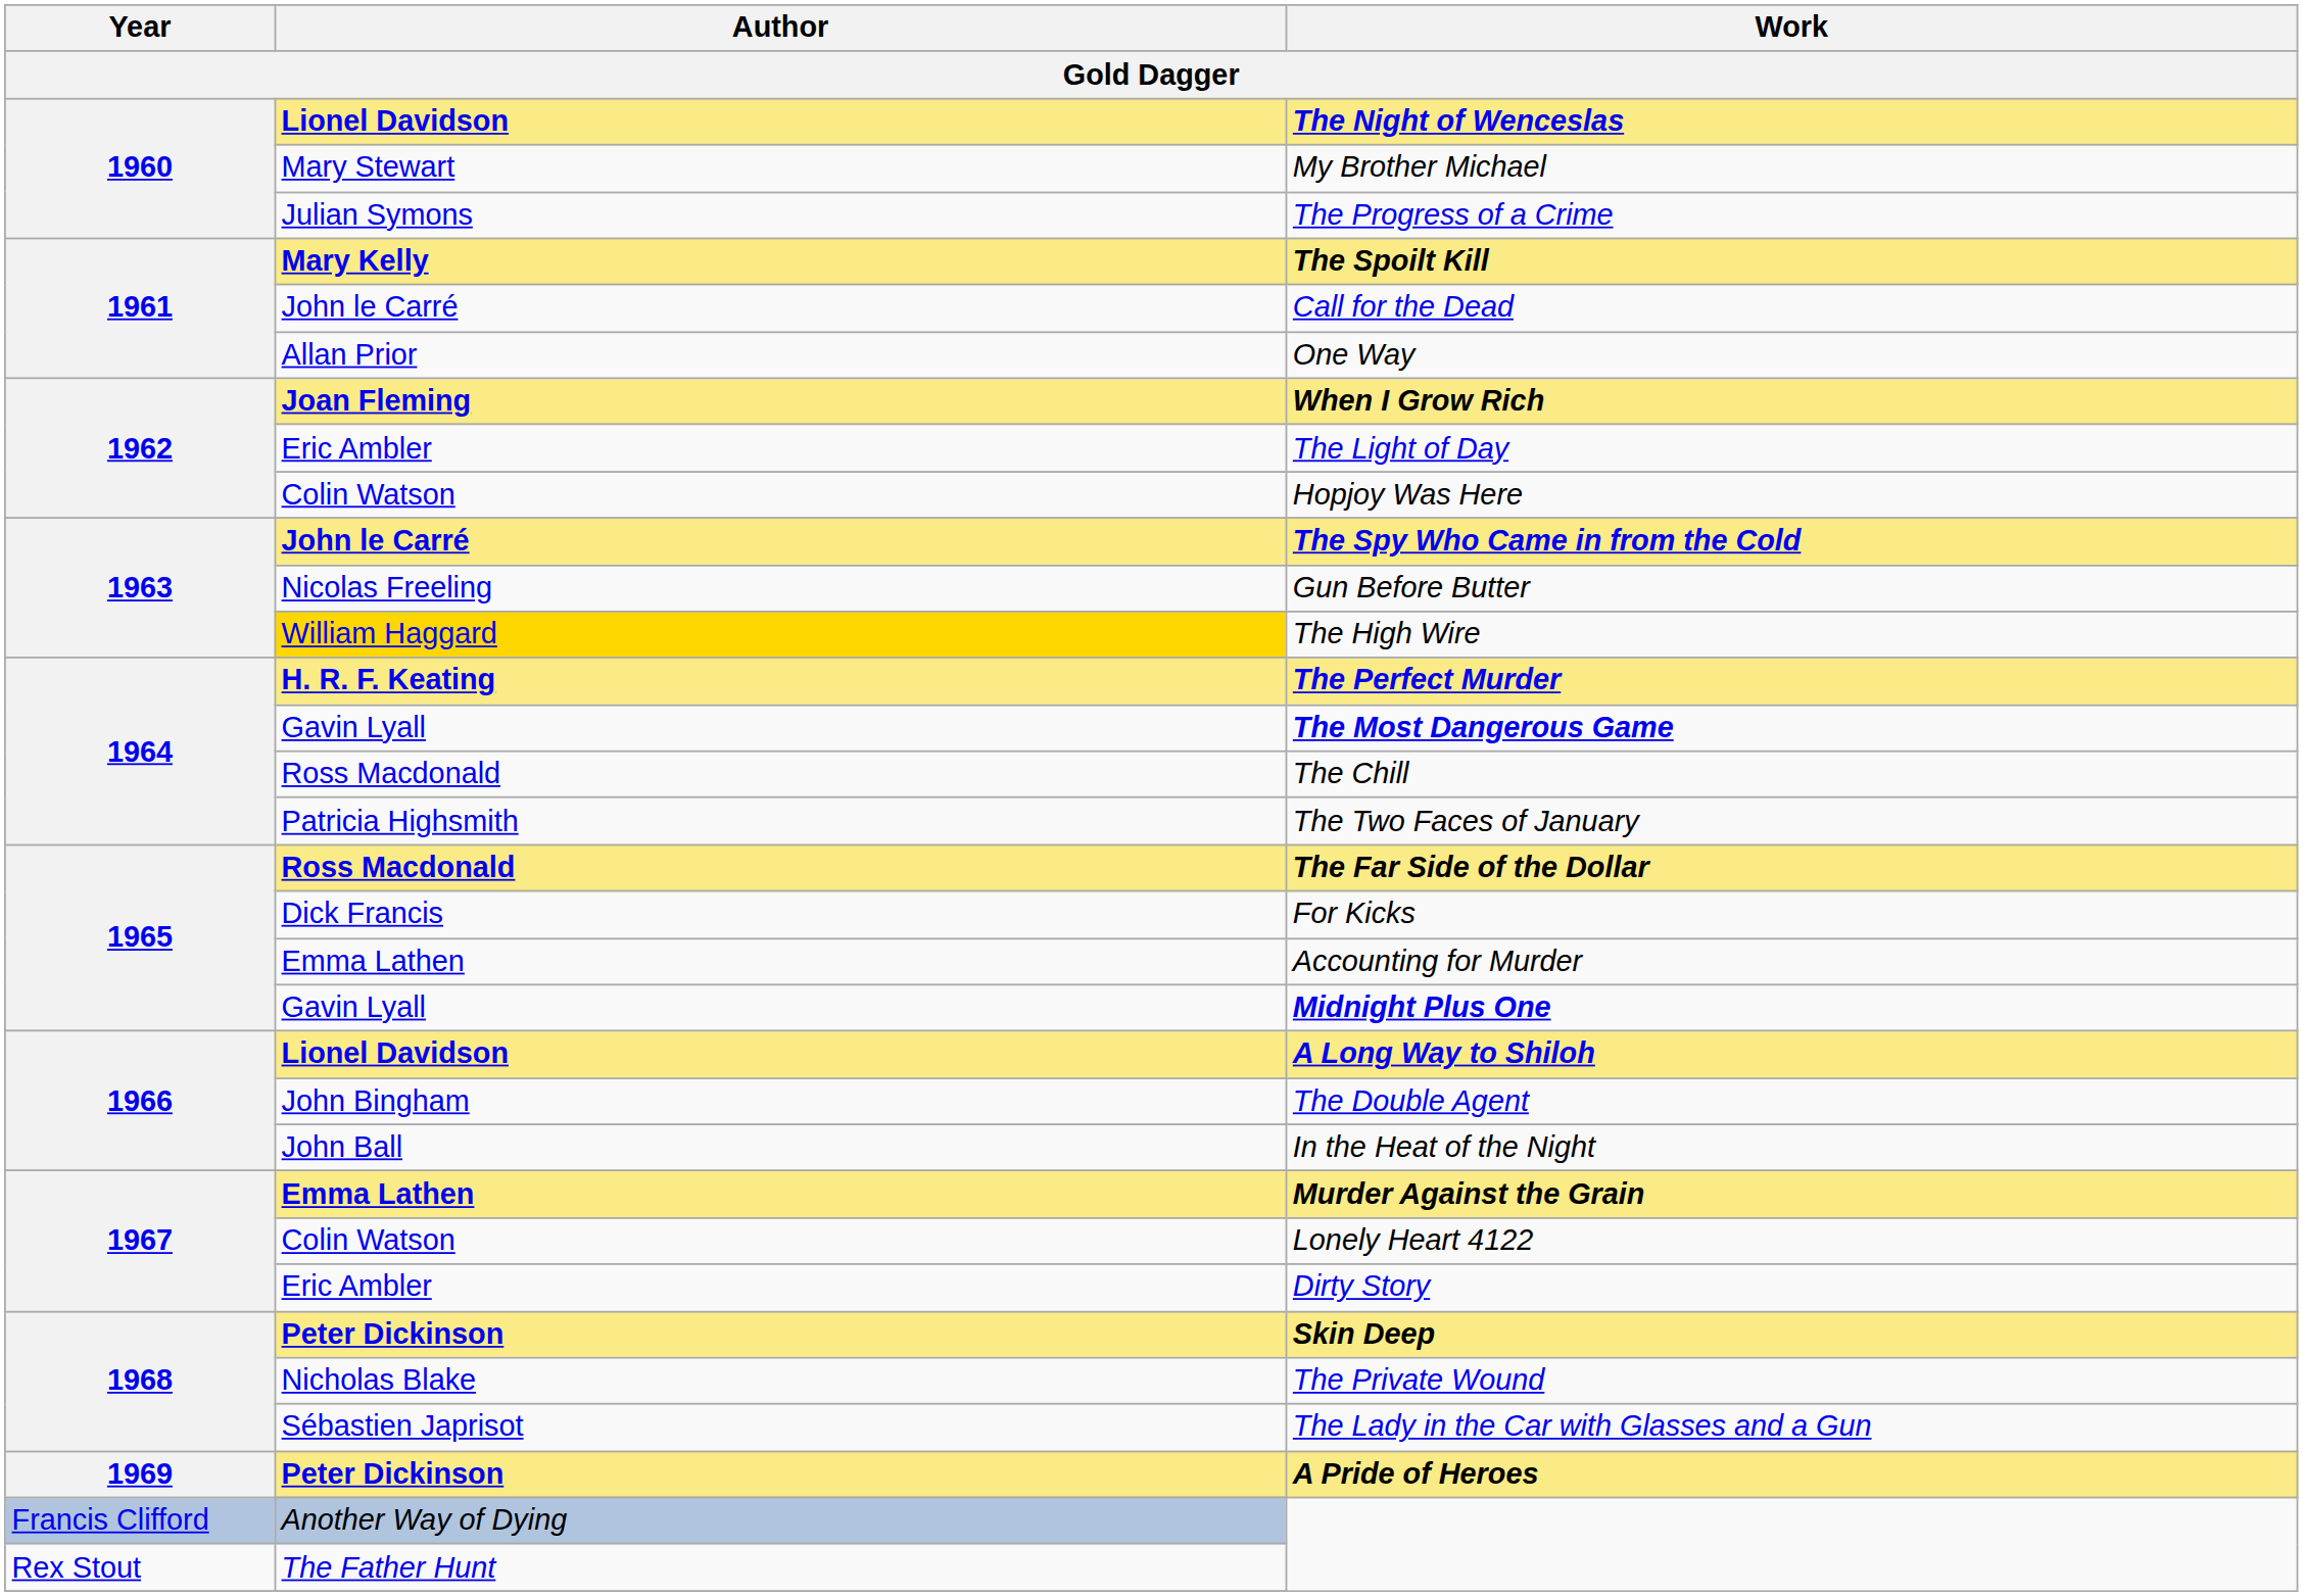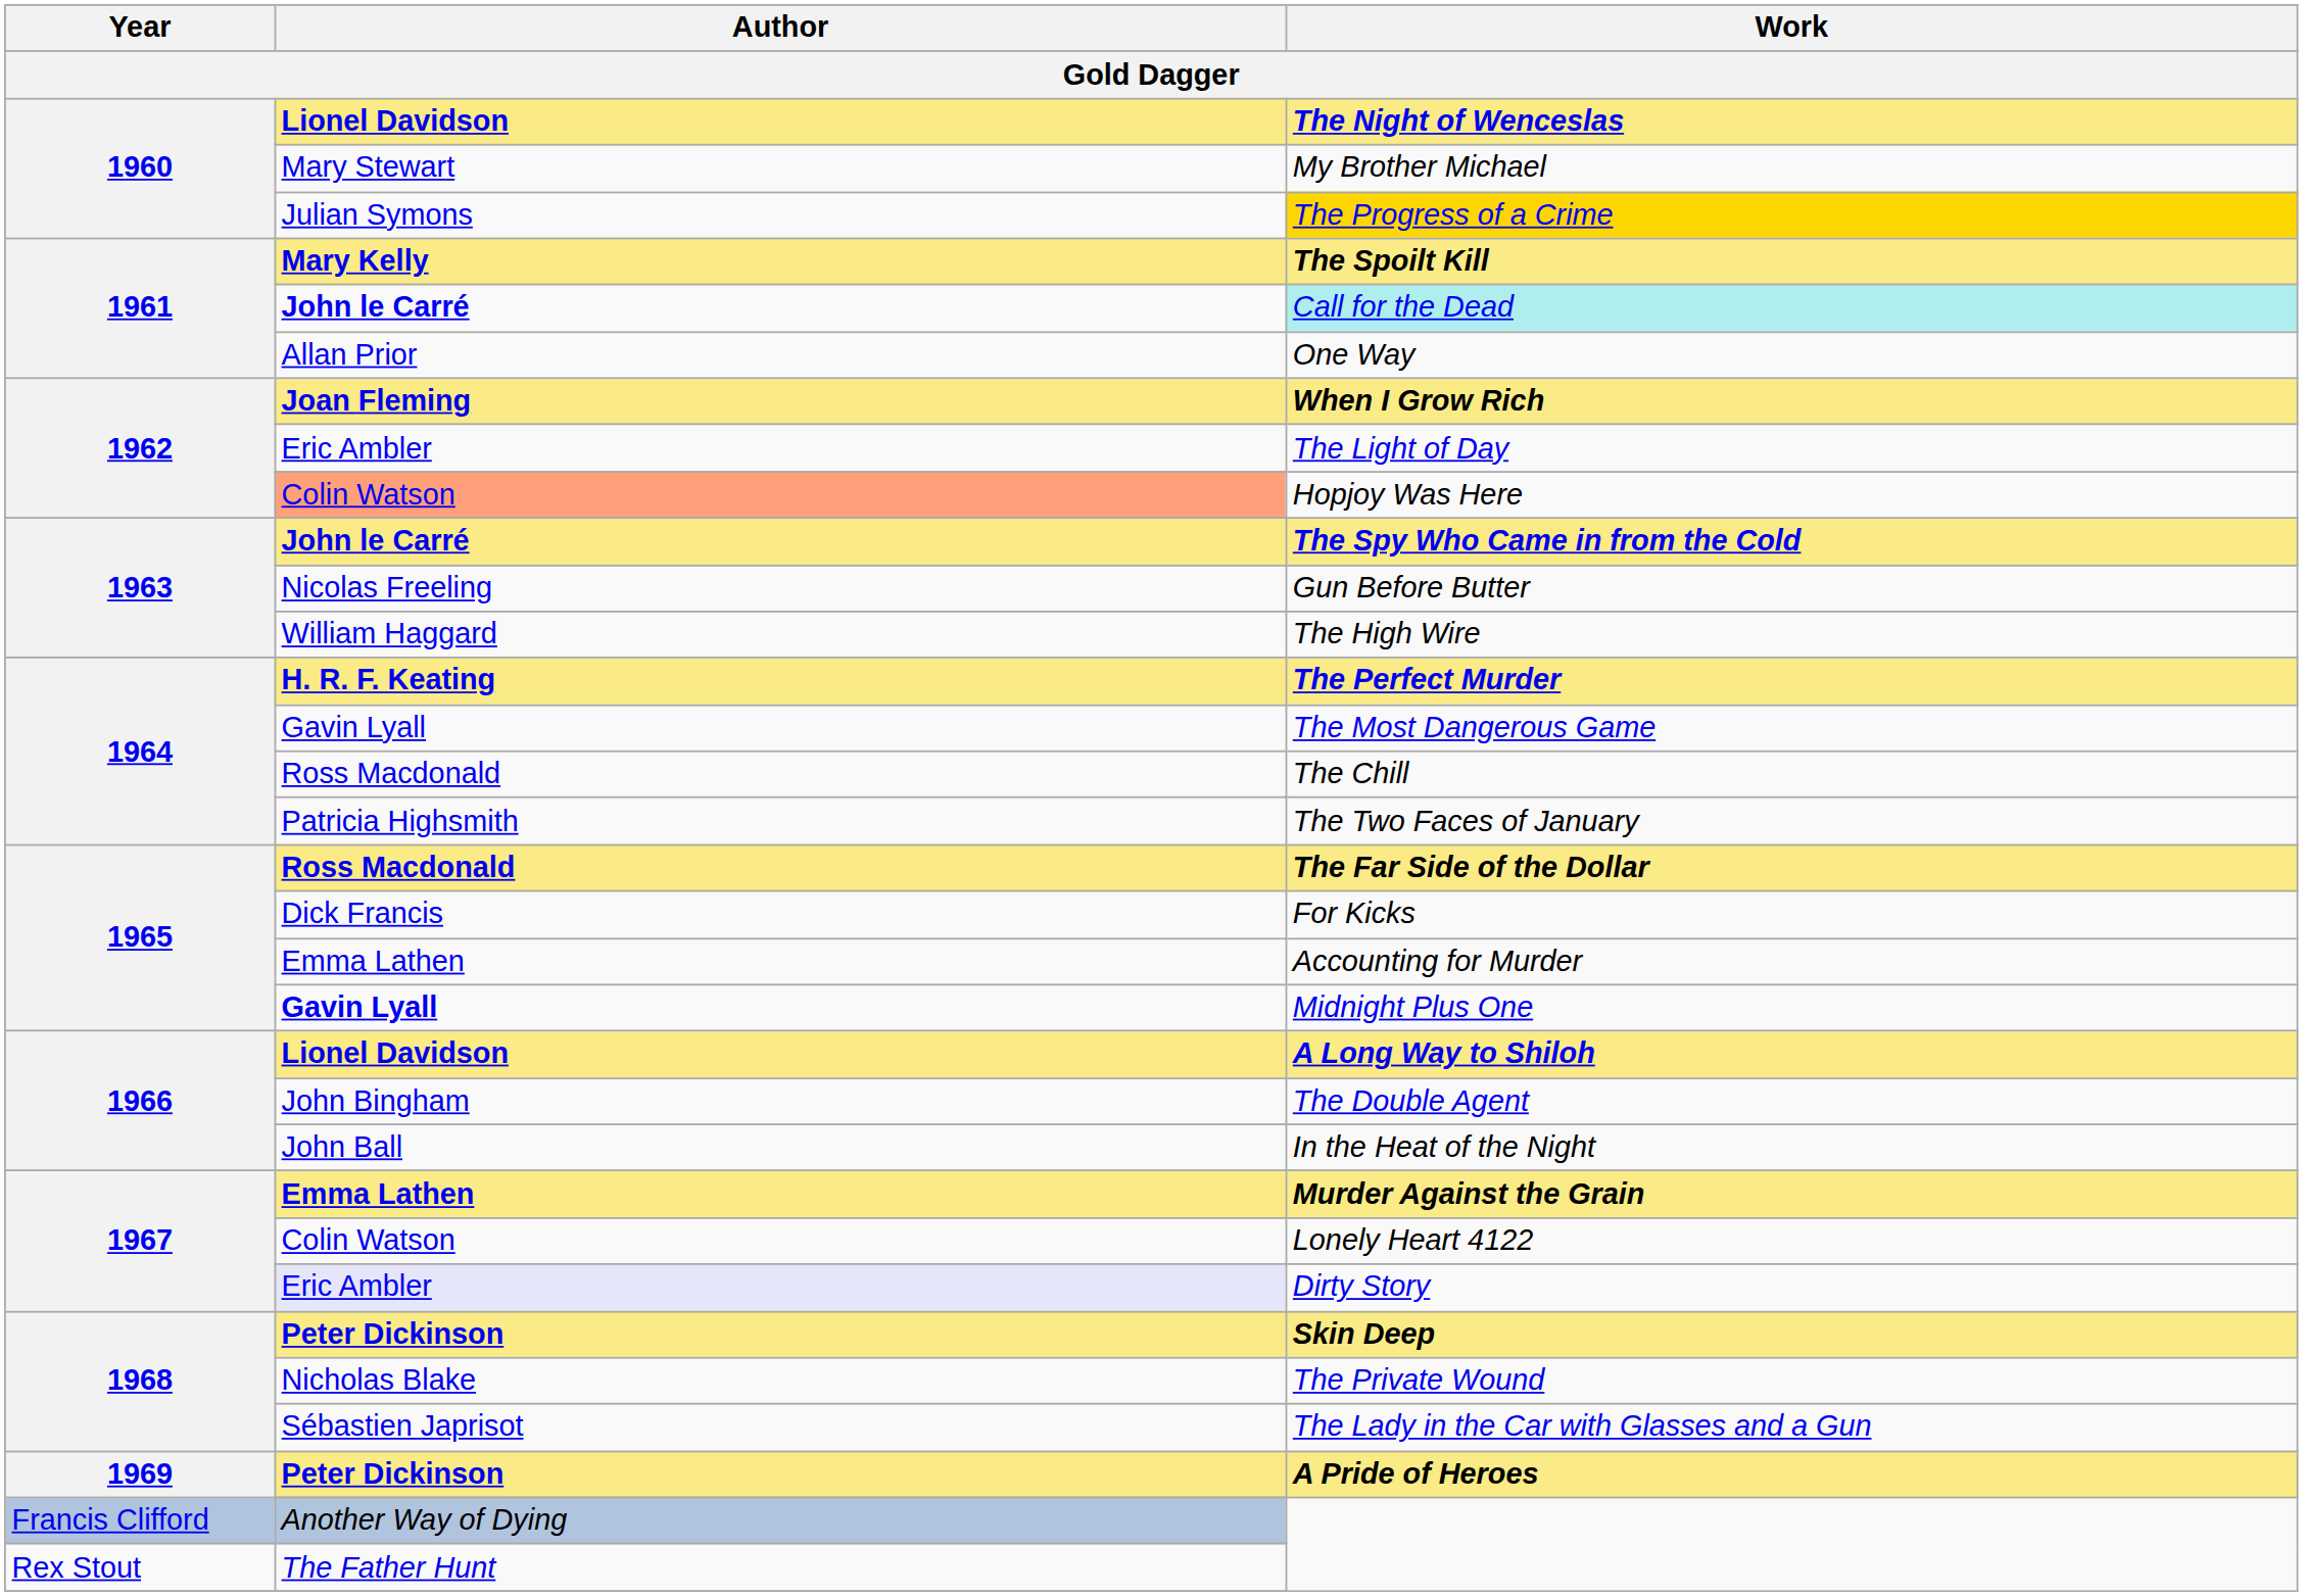 <table class="wikitable sortable" style="text-align:left;">
 <tr>
 <th scope="col" style="width:8%;">Year</th>
 <th scope="col" style="width:30%;">Author</th>
 <th scope="col" style="width:30%;">Work</th>
 </tr>
 <tr>
 <th colspan=3>Gold Dagger</th>
 </tr>
 <tr>
 <th scope="row" rowspan=3 style="text-align:center"><a href='#'>1960</a></th>
 <td style="background:#FAEB86;"><strong><a href='#'>Lionel Davidson</a> </strong></td>
 <td style="background:#FAEB86;"><strong><em><a href='#'>The Night of Wenceslas</a></em></strong></td>
 </tr>
 <tr>
 <td><a href='#'>Mary Stewart</a></td>
 <td><em>My Brother Michael</em></td>
 </tr>
 <tr>
 <td><a href='#'>Julian Symons</a></td>
-<td><em><a href='#'>The Progress of a Crime</a></em></td>
+<td style="background: gold;"><em><a href='#'>The Progress of a Crime</a></em></td>
 </tr>
 <tr>
 <th scope="row" rowspan=3 style="text-align:center"><a href='#'>1961</a></th>
 <td style="background:#FAEB86;"><strong><a href='#'>Mary Kelly</a> </strong></td>
 <td style="background:#FAEB86;"><strong><em>The Spoilt Kill</em></strong></td>
 </tr>
 <tr>
-<td><a href='#'>John le Carré</a></td>
-<td><em><a href='#'>Call for the Dead</a></em></td>
+<td><strong><a href='#'>John le Carré</a></strong></td>
+<td style="background: paleturquoise;"><em><a href='#'>Call for the Dead</a></em></td>
 </tr>
 <tr>
 <td><a href='#'>Allan Prior</a></td>
 <td><em>One Way</em></td>
 </tr>
 <tr>
 <th scope="row" rowspan=3 style="text-align:center"><a href='#'>1962</a></th>
 <td style="background:#FAEB86;"><strong><a href='#'>Joan Fleming</a> </strong></td>
 <td style="background:#FAEB86;"><strong><em>When I Grow Rich</em></strong></td>
 </tr>
 <tr>
 <td><a href='#'>Eric Ambler</a></td>
 <td><em><a href='#'>The Light of Day</a></em></td>
 </tr>
 <tr>
-<td><a href='#'>Colin Watson</a></td>
+<td style="background: lightsalmon;"><a href='#'>Colin Watson</a></td>
 <td><em>Hopjoy Was Here</em></td>
 </tr>
 <tr>
 <th scope="row" rowspan=3 style="text-align:center"><a href='#'>1963</a></th>
 <td style="background:#FAEB86;"><strong><a href='#'>John le Carré</a> </strong></td>
 <td style="background:#FAEB86;"><strong><em><a href='#'>The Spy Who Came in from the Cold</a></em></strong></td>
 </tr>
 <tr>
 <td><a href='#'>Nicolas Freeling</a></td>
 <td><em>Gun Before Butter</em></td>
 </tr>
 <tr>
-<td style="background: gold;"><a href='#'>William Haggard</a></td>
+<td><a href='#'>William Haggard</a></td>
 <td><em>The High Wire</em></td>
 </tr>
 <tr>
 <th scope="row" rowspan=4 style="text-align:center"><a href='#'>1964</a></th>
 <td style="background:#FAEB86;"><strong><a href='#'>H. R. F. Keating</a> </strong></td>
 <td style="background:#FAEB86;"><strong><em><a href='#'>The Perfect Murder</a></em></strong></td>
 </tr>
 <tr>
 <td><a href='#'>Gavin Lyall</a></td>
-<td><strong><em><a href='#'>The Most Dangerous Game</a></em></strong></td>
+<td><em><a href='#'>The Most Dangerous Game</a></em></td>
 </tr>
 <tr>
 <td><a href='#'>Ross Macdonald</a></td>
 <td><em>The Chill</em></td>
 </tr>
 <tr>
 <td><a href='#'>Patricia Highsmith</a></td>
 <td><em>The Two Faces of January</em></td>
 </tr>
 <tr>
 <th scope="row" rowspan=4 style="text-align:center"><a href='#'>1965</a></th>
 <td style="background:#FAEB86;"><strong><a href='#'>Ross Macdonald</a> </strong></td>
 <td style="background:#FAEB86;"><strong><em>The Far Side of the Dollar</em></strong></td>
 </tr>
 <tr>
 <td><a href='#'>Dick Francis</a></td>
 <td><em>For Kicks</em></td>
 </tr>
 <tr>
 <td><a href='#'>Emma Lathen</a></td>
 <td><em>Accounting for Murder</em></td>
 </tr>
 <tr>
-<td><a href='#'>Gavin Lyall</a></td>
-<td><strong><em><a href='#'>Midnight Plus One</a></em></strong></td>
+<td><strong><a href='#'>Gavin Lyall</a></strong></td>
+<td><em><a href='#'>Midnight Plus One</a></em></td>
 </tr>
 <tr>
 <th scope="row" rowspan=3 style="text-align:center"><a href='#'>1966</a></th>
 <td style="background:#FAEB86;"><strong><a href='#'>Lionel Davidson</a> </strong></td>
 <td style="background:#FAEB86;"><strong><em><a href='#'>A Long Way to Shiloh</a></em></strong></td>
 </tr>
 <tr>
 <td><a href='#'>John Bingham</a></td>
 <td><em><a href='#'>The Double Agent</a></em></td>
 </tr>
 <tr>
 <td><a href='#'>John Ball</a></td>
 <td><em>In the Heat of the Night</em></td>
 </tr>
 <tr>
 <th scope="row" rowspan=3 style="text-align:center"><a href='#'>1967</a></th>
 <td style="background:#FAEB86;"><strong><a href='#'>Emma Lathen</a> </strong></td>
 <td style="background:#FAEB86;"><strong><em>Murder Against the Grain</em></strong></td>
 </tr>
 <tr>
 <td><a href='#'>Colin Watson</a></td>
 <td><em>Lonely Heart 4122</em></td>
 </tr>
 <tr>
-<td><a href='#'>Eric Ambler</a></td>
+<td style="background: lavender;"><a href='#'>Eric Ambler</a></td>
 <td><em><a href='#'>Dirty Story</a></em></td>
 </tr>
 <tr>
 <th scope="row" rowspan=3 style="text-align:center"><a href='#'>1968</a></th>
 <td style="background:#FAEB86;"><strong><a href='#'>Peter Dickinson</a> </strong></td>
 <td style="background:#FAEB86;"><strong><em>Skin Deep</em></strong></td>
 </tr>
 <tr>
 <td><a href='#'>Nicholas Blake</a></td>
 <td><em><a href='#'>The Private Wound</a></em></td>
 </tr>
 <tr>
 <td><a href='#'>Sébastien Japrisot</a></td>
 <td><em><a href='#'>The Lady in the Car with Glasses and a Gun</a></em></td>
 </tr>
 <tr>
 <th scope="row" rowspan=3 style="text-align:center"><a href='#'>1969</a></th>
 <td style="background:#FAEB86;"><strong><a href='#'>Peter Dickinson</a> </strong></td>
 <td style="background:#FAEB86;"><strong><em>A Pride of Heroes</em></strong></td>
 </tr>
 <tr>
 </tr>
 <tr>
 </tr>
 <tr style="background:#B0C4DE;">
 <td><a href='#'>Francis Clifford</a></td>
 <td><em>Another Way of Dying</em></td>
 </tr>
 <tr>
 <td><a href='#'>Rex Stout</a></td>
 <td><em><a href='#'>The Father Hunt</a></em></td>
 </tr>
 <tr>
 </tr>
 </table>
